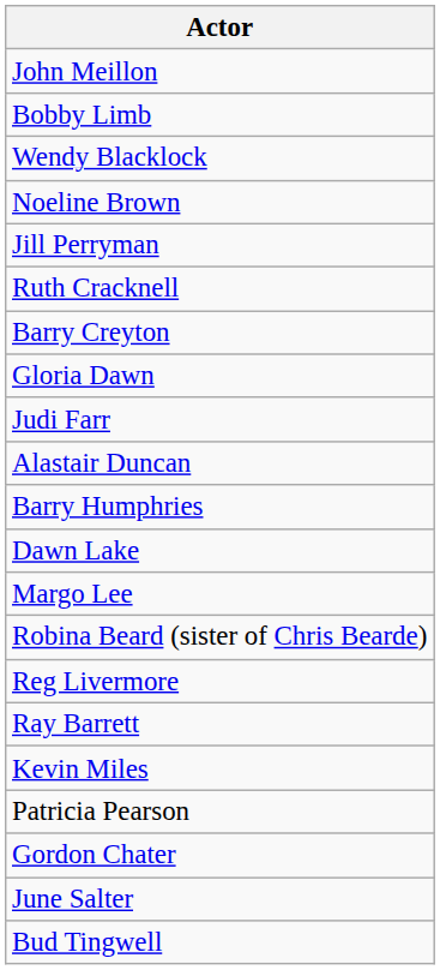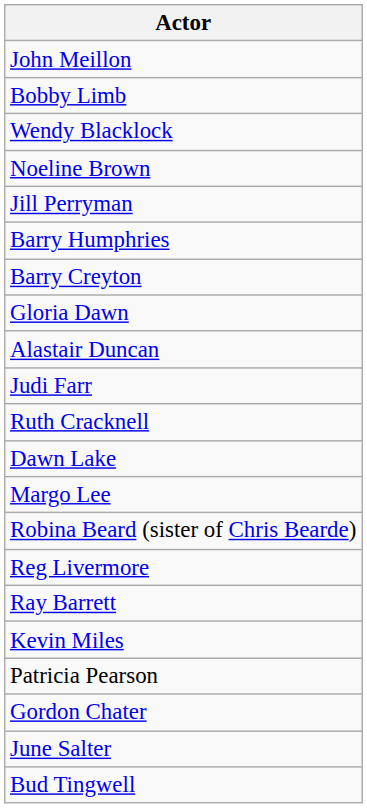 <table class="wikitable">
 <tr>
 <th>Actor</th>
 </tr>
 <tr>
 <td><a href='#'>John Meillon</a></td>
 </tr>
 <tr>
 <td><a href='#'>Bobby Limb</a></td>
 </tr>
 <tr>
 <td><a href='#'>Wendy Blacklock</a></td>
 </tr>
 <tr>
 <td><a href='#'>Noeline Brown</a></td>
 </tr>
 <tr>
 <td><a href='#'>Jill Perryman</a></td>
 </tr>
 <tr>
-<td><a href='#'>Ruth Cracknell</a></td>
+<td><a href='#'>Barry Humphries</a></td>
 </tr>
 <tr>
 <td><a href='#'>Barry Creyton</a></td>
 </tr>
 <tr>
 <td><a href='#'>Gloria Dawn</a></td>
 </tr>
 <tr>
+<td><a href='#'>Alastair Duncan</a></td>
+</tr>
+<tr>
 <td><a href='#'>Judi Farr</a></td>
 </tr>
 <tr>
-<td><a href='#'>Alastair Duncan</a></td>
-</tr>
-<tr>
-<td><a href='#'>Barry Humphries</a></td>
+<td><a href='#'>Ruth Cracknell</a></td>
 </tr>
 <tr>
 <td><a href='#'>Dawn Lake</a></td>
 </tr>
 <tr>
 <td><a href='#'>Margo Lee</a></td>
 </tr>
 <tr>
 <td><a href='#'>Robina Beard</a> (sister of  <a href='#'>Chris Bearde</a>)</td>
 </tr>
 <tr>
 <td><a href='#'>Reg Livermore</a></td>
 </tr>
 <tr>
 <td><a href='#'>Ray Barrett</a></td>
 </tr>
 <tr>
 <td><a href='#'>Kevin Miles</a></td>
 </tr>
 <tr>
 <td>Patricia Pearson</td>
 </tr>
 <tr>
 <td><a href='#'>Gordon Chater</a></td>
 </tr>
 <tr>
 <td><a href='#'>June Salter</a></td>
 </tr>
 <tr>
 <td><a href='#'>Bud Tingwell</a></td>
 </tr>
 </table>
